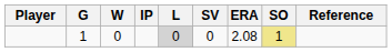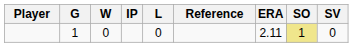 <table class=wikitable sortable" style="text-align:center; font-size: 95%">
 <tr>
 <th bgcolor="#DDDDFF" width="16%">Player</th>
 <th bgcolor="#DDDDFF" width="9%">G</th>
 <th bgcolor="#DDDDFF" width="9%">W</th>
 <th>IP</th>
 <th bgcolor="#DDDDFF" width="9%">L</th>
-<th bgcolor="#DDDDFF" width="9%">SV</th>
+<th>Reference</th>
 <th bgcolor="#DDDDFF" width="9%">ERA</th>
 <th bgcolor="#DDDDFF" width="9%">SO</th>
-<th>Reference</th>
+<th bgcolor="#DDDDFF" width="9%">SV</th>
 </tr>
 <tr>
 <td></td>
 <td>1</td>
 <td>0</td>
 <td></td>
-<td style="background: lightgrey;">0</td>
 <td>0</td>
-<td>2.08</td>
+<td></td>
+<td>2.11</td>
 <td style="background: khaki;">1</td>
-<td></td>
+<td>0</td>
 </tr>
 </table>
